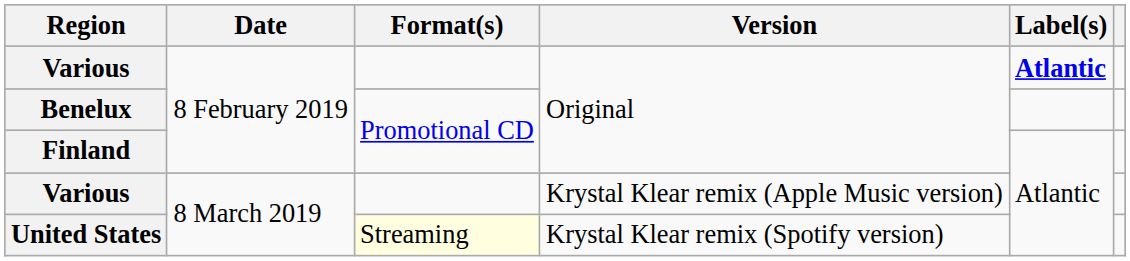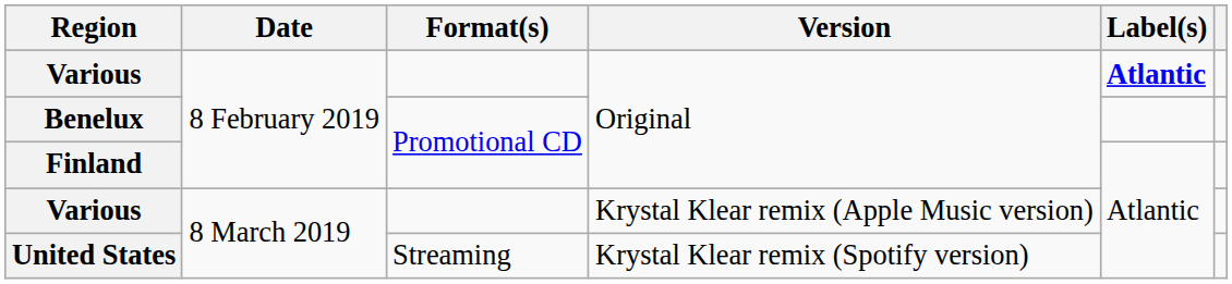 <table class="wikitable plainrowheaders">
 <tr>
 <th scope="col">Region</th>
 <th scope="col">Date</th>
 <th scope="col">Format(s)</th>
 <th scope="col">Version</th>
 <th scope="col">Label(s)</th>
 <th scope="col"></th>
 </tr>
 <tr>
 <th scope="row">Various</th>
 <td rowspan="3">8 February 2019</td>
 <td></td>
 <td rowspan="3">Original</td>
 <td><strong><a href='#'>Atlantic</a></strong></td>
 <td style="text-align:center;"></td>
 </tr>
 <tr>
 <th scope="row">Benelux</th>
 <td rowspan="2"><a href='#'>Promotional CD</a></td>
 <td></td>
 <td style="text-align:center;"></td>
 </tr>
 <tr>
 <th scope="row">Finland</th>
 <td rowspan="3">Atlantic</td>
 <td style="text-align:center;"></td>
 </tr>
 <tr>
 <th scope="row">Various</th>
 <td rowspan="2">8 March 2019</td>
 <td></td>
 <td>Krystal Klear remix (Apple Music version)</td>
 <td style="text-align:center;"></td>
 </tr>
 <tr>
 <th scope="row">United States</th>
-<td style="background: lightyellow;">Streaming</td>
+<td>Streaming</td>
 <td>Krystal Klear remix (Spotify version)</td>
 <td style="text-align:center;"></td>
 </tr>
 </table>
